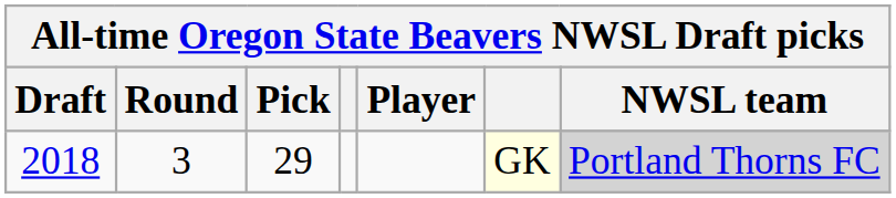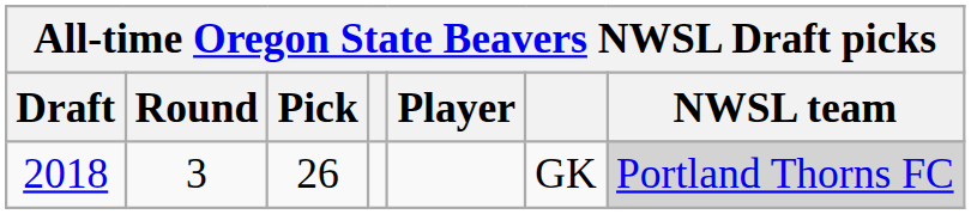 <table class="wikitable sortable" style="text-align: center;">
 <tr>
 <th colspan="7" style="background:#">All-time <a href='#'><span>Oregon State Beavers</span></a> NWSL Draft picks</th>
 </tr>
 <tr>
 <th scope="col">Draft</th>
 <th scope="col">Round</th>
 <th scope="col">Pick</th>
 <th scope="col"></th>
 <th scope="col">Player</th>
 <th scope="col"></th>
 <th scope="col">NWSL team</th>
 </tr>
 <tr>
 <td><a href='#'>2018</a></td>
 <td>3</td>
-<td>29</td>
+<td>26</td>
 <td></td>
 <td></td>
-<td style="background: lightyellow;">GK</td>
+<td>GK</td>
 <td style="background: lightgrey;"><a href='#'>Portland Thorns FC</a></td>
 </tr>
 </table>
